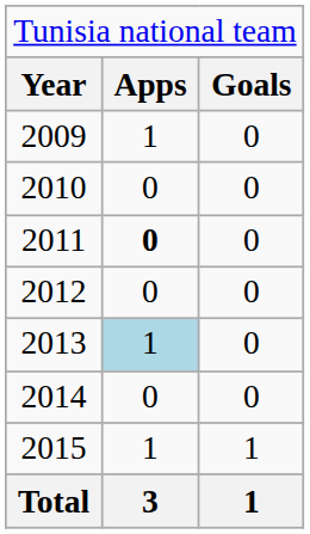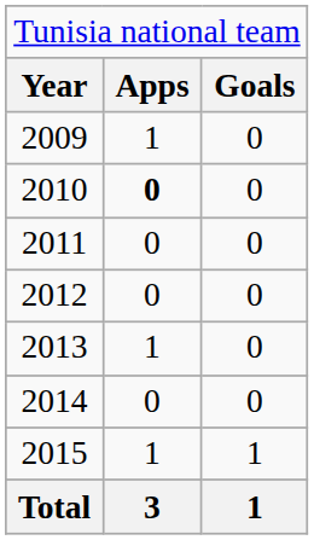 <table class="wikitable" style="text-align:center">
 <tr>
 <td colspan="3"><a href='#'>Tunisia national team</a></td>
 </tr>
 <tr>
 <th>Year</th>
 <th>Apps</th>
 <th>Goals</th>
 </tr>
 <tr>
 <td>2009</td>
 <td>1</td>
 <td>0</td>
 </tr>
 <tr>
 <td>2010</td>
-<td>0</td>
+<td><strong>0</strong></td>
 <td>0</td>
 </tr>
 <tr>
 <td>2011</td>
-<td><strong>0</strong></td>
+<td>0</td>
 <td>0</td>
 </tr>
 <tr>
 <td>2012</td>
 <td>0</td>
 <td>0</td>
 </tr>
 <tr>
 <td>2013</td>
-<td style="background: lightblue;">1</td>
+<td>1</td>
 <td>0</td>
 </tr>
 <tr>
 <td>2014</td>
 <td>0</td>
 <td>0</td>
 </tr>
 <tr>
 <td>2015</td>
 <td>1</td>
 <td>1</td>
 </tr>
 <tr>
 <th>Total</th>
 <th>3</th>
 <th>1</th>
 </tr>
 </table>
